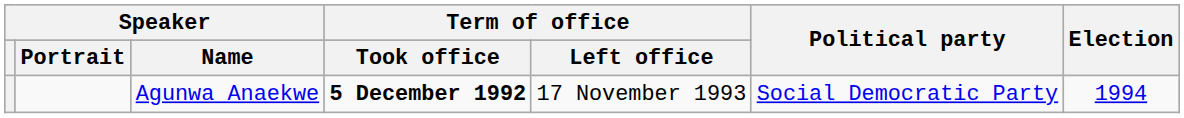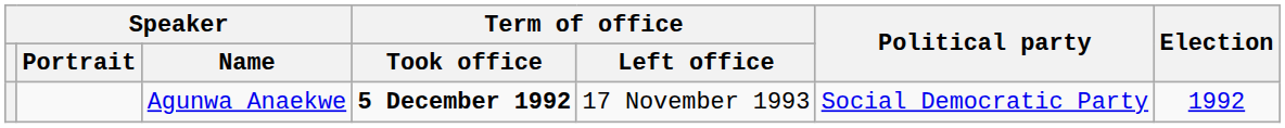 <table class=wikitable style=text-align:center>
 <tr>
 <th colspan=3>Speaker</th>
 <th colspan=2>Term of office</th>
 <th rowspan=2>Political party</th>
 <th rowspan=2>Election</th>
 </tr>
 <tr>
 <th></th>
 <th>Portrait</th>
 <th>Name</th>
 <th>Took office</th>
 <th>Left office</th>
 </tr>
 <tr>
 <th style="background:"></th>
 <td></td>
 <td><a href='#'>Agunwa Anaekwe</a></td>
 <td><strong>5 December 1992</strong></td>
 <td>17 November 1993</td>
 <td><a href='#'>Social Democratic Party</a></td>
-<td><a href='#'>1994</a></td>
+<td><a href='#'>1992</a></td>
 </tr>
 </table>
